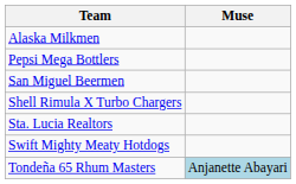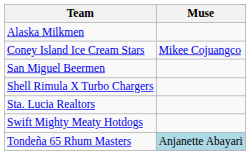 <table class="wikitable sortable sortable">
 <tr>
 <th style= style="width:45%;">Team</th>
 <th style= style="width:55%;">Muse</th>
 </tr>
 <tr>
 <td><a href='#'>Alaska Milkmen</a></td>
 <td></td>
 </tr>
 <tr>
-<td><a href='#'>Pepsi Mega Bottlers</a></td>
-<td></td>
+<td><a href='#'>Coney Island Ice Cream Stars</a></td>
+<td><a href='#'>Mikee Cojuangco</a></td>
 </tr>
 <tr>
 <td><a href='#'>San Miguel Beermen</a></td>
 <td></td>
 </tr>
 <tr>
 <td><a href='#'>Shell Rimula X Turbo Chargers</a></td>
 <td></td>
 </tr>
 <tr>
 <td><a href='#'>Sta. Lucia Realtors</a></td>
 <td></td>
 </tr>
 <tr>
 <td><a href='#'>Swift Mighty Meaty Hotdogs</a></td>
 <td></td>
 </tr>
 <tr>
 <td><a href='#'>Tondeña 65 Rhum Masters</a></td>
 <td style="background: lightblue;">Anjanette Abayari</td>
 </tr>
 </table>
